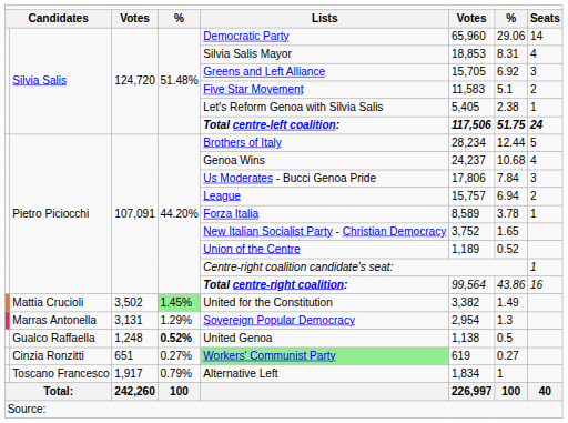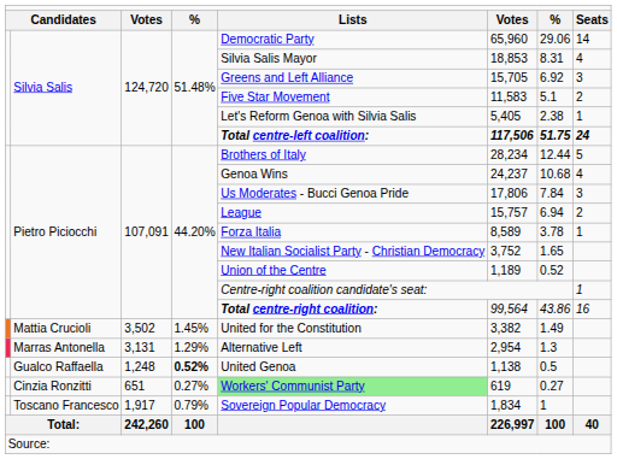 <table class="wikitable sortable">
 <tr>
 <td colspan="8"></td>
 </tr>
 <tr>
 <th colspan="2">Candidates</th>
 <th>Votes</th>
 <th>%</th>
 <th>Lists</th>
 <th>Votes</th>
 <th>%</th>
 <th>Seats</th>
 </tr>
 <tr>
 <td rowspan="6"></td>
 <td rowspan="6"><a href='#'>Silvia Salis</a> </td>
 <td rowspan="6">124,720</td>
 <td rowspan="6">51.48%</td>
 <td><a href='#'>Democratic Party</a></td>
 <td>65,960</td>
 <td>29.06</td>
 <td>14</td>
 </tr>
 <tr>
 <td>Silvia Salis Mayor</td>
 <td>18,853</td>
 <td>8.31</td>
 <td>4</td>
 </tr>
 <tr>
 <td><a href='#'>Greens and Left Alliance</a></td>
 <td>15,705</td>
 <td>6.92</td>
 <td>3</td>
 </tr>
 <tr>
 <td><a href='#'>Five Star Movement</a></td>
 <td>11,583</td>
 <td>5.1</td>
 <td>2</td>
 </tr>
 <tr>
 <td>Let's Reform Genoa with Silvia Salis</td>
 <td>5,405</td>
 <td>2.38</td>
 <td>1</td>
 </tr>
 <tr>
 <td><strong><em>Total <a href='#'>centre-left coalition</a>:</em></strong></td>
 <td><strong><em>117,506</em></strong></td>
 <td><strong><em>51.75</em></strong></td>
 <td><strong><em>24</em></strong></td>
 </tr>
 <tr>
 <td rowspan="9"></td>
 <td rowspan="9">Pietro Piciocchi</td>
 <td rowspan="9">107,091</td>
 <td rowspan="9">44.20%</td>
 <td><a href='#'>Brothers of Italy</a></td>
 <td>28,234</td>
 <td>12.44</td>
 <td>5</td>
 </tr>
 <tr>
 <td>Genoa Wins</td>
 <td>24,237</td>
 <td>10.68</td>
 <td>4</td>
 </tr>
 <tr>
 <td><a href='#'>Us Moderates</a> - Bucci Genoa Pride</td>
 <td>17,806</td>
 <td>7.84</td>
 <td>3</td>
 </tr>
 <tr>
 <td><a href='#'>League</a></td>
 <td>15,757</td>
 <td>6.94</td>
 <td>2</td>
 </tr>
 <tr>
 <td><a href='#'>Forza Italia</a></td>
 <td>8,589</td>
 <td>3.78</td>
 <td>1</td>
 </tr>
 <tr>
 <td><a href='#'>New Italian Socialist Party</a> - <a href='#'>Christian Democracy</a></td>
 <td>3,752</td>
 <td>1.65</td>
 <td></td>
 </tr>
 <tr>
 <td><a href='#'>Union of the Centre</a></td>
 <td>1,189</td>
 <td>0.52</td>
 <td></td>
 </tr>
 <tr>
 <td colspan="3"><em>Centre-right coalition candidate's seat:</em></td>
 <td><em>1</em></td>
 </tr>
 <tr>
 <td><strong><em>Total <a href='#'>centre-right coalition</a>:</em></strong></td>
 <td><em>99,564</em></td>
 <td><em>43.86</em></td>
 <td><em>16</em></td>
 </tr>
 <tr>
 <td bgcolor="#ED7422"></td>
 <td>Mattia Crucioli</td>
 <td>3,502</td>
-<td style="background: lightgreen;">1.45%</td>
+<td>1.45%</td>
 <td>United for the Constitution</td>
 <td>3,382</td>
 <td>1.49</td>
 <td></td>
 </tr>
 <tr>
 <td bgcolor="#ED2855"></td>
 <td>Marras Antonella</td>
 <td>3,131</td>
 <td>1.29%</td>
-<td><a href='#'>Sovereign Popular Democracy</a></td>
+<td>Alternative Left</td>
 <td>2,954</td>
 <td>1.3</td>
 <td></td>
 </tr>
 <tr>
 <td></td>
 <td>Gualco Raffaella</td>
 <td>1,248</td>
 <td><strong>0.52%</strong></td>
 <td>United Genoa</td>
 <td>1,138</td>
 <td>0.5</td>
 <td></td>
 </tr>
 <tr>
 <td></td>
 <td>Cinzia Ronzitti</td>
 <td>651</td>
 <td>0.27%</td>
 <td style="background: lightgreen;"><a href='#'>Workers' Communist Party</a></td>
 <td>619</td>
 <td>0.27</td>
 <td></td>
 </tr>
 <tr>
 <td></td>
 <td>Toscano Francesco</td>
 <td>1,917</td>
 <td>0.79%</td>
-<td>Alternative Left</td>
+<td><a href='#'>Sovereign Popular Democracy</a></td>
 <td>1,834</td>
 <td>1</td>
 <td></td>
 </tr>
 <tr>
 <th colspan="2">Total:</th>
 <th>242,260</th>
 <th>100</th>
 <th></th>
 <th>226,997</th>
 <th>100</th>
 <th>40</th>
 </tr>
 <tr>
 <td colspan="8">Source: </td>
 </tr>
 </table>
